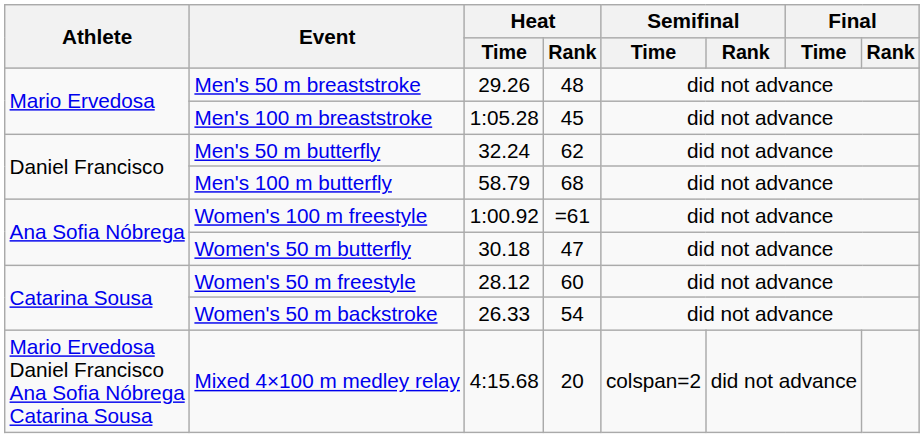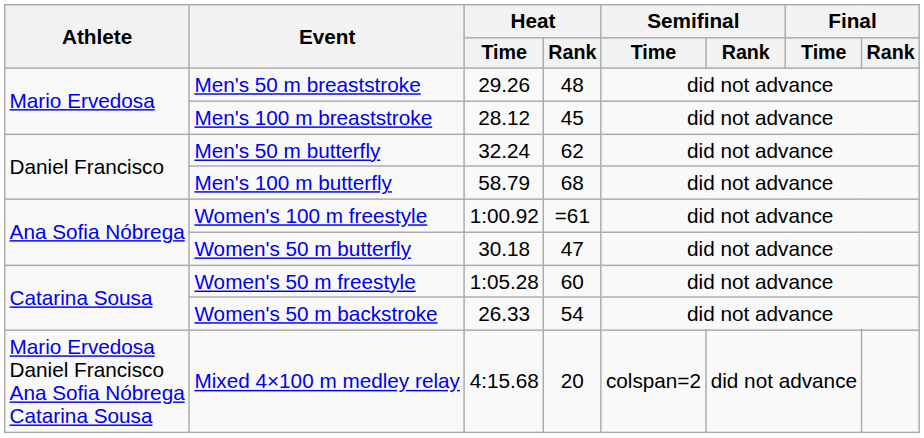 <table class=wikitable style="font-size:90%">
 <tr>
 <th rowspan="2">Athlete</th>
 <th rowspan="2">Event</th>
 <th colspan="2">Heat</th>
 <th colspan="2">Semifinal</th>
 <th colspan="2">Final</th>
 </tr>
 <tr style="font-size:95%">
 <th>Time</th>
 <th>Rank</th>
 <th>Time</th>
 <th>Rank</th>
 <th>Time</th>
 <th>Rank</th>
 </tr>
 <tr align=center>
 <td align=left rowspan=2><a href='#'>Mario Ervedosa</a></td>
 <td align=left><a href='#'>Men's 50 m breaststroke</a></td>
 <td>29.26</td>
 <td>48</td>
 <td colspan=4>did not advance</td>
 </tr>
 <tr align=center>
 <td align=left><a href='#'>Men's 100 m breaststroke</a></td>
-<td>1:05.28</td>
+<td>28.12</td>
 <td>45</td>
 <td colspan=4>did not advance</td>
 </tr>
 <tr align=center>
 <td align=left rowspan=2>Daniel Francisco</td>
 <td align=left><a href='#'>Men's 50 m butterfly</a></td>
 <td>32.24</td>
 <td>62</td>
 <td colspan=4>did not advance</td>
 </tr>
 <tr align=center>
 <td align=left><a href='#'>Men's 100 m butterfly</a></td>
 <td>58.79</td>
 <td>68</td>
 <td colspan=4>did not advance</td>
 </tr>
 <tr align=center>
 <td align=left rowspan=2><a href='#'>Ana Sofia Nóbrega</a></td>
 <td align=left><a href='#'>Women's 100 m freestyle</a></td>
 <td>1:00.92</td>
 <td>=61</td>
 <td colspan=4>did not advance</td>
 </tr>
 <tr align=center>
 <td align=left><a href='#'>Women's 50 m butterfly</a></td>
 <td>30.18</td>
 <td>47</td>
 <td colspan=4>did not advance</td>
 </tr>
 <tr align=center>
 <td align=left rowspan=2><a href='#'>Catarina Sousa</a></td>
 <td align=left><a href='#'>Women's 50 m freestyle</a></td>
-<td>28.12</td>
+<td>1:05.28</td>
 <td>60</td>
 <td colspan=4>did not advance</td>
 </tr>
 <tr align=center>
 <td align=left><a href='#'>Women's 50 m backstroke</a></td>
 <td>26.33</td>
 <td>54</td>
 <td colspan=4>did not advance</td>
 </tr>
 <tr align=center>
 <td align=left><a href='#'>Mario Ervedosa</a><br>Daniel Francisco<br><a href='#'>Ana Sofia Nóbrega</a><br><a href='#'>Catarina Sousa</a></td>
 <td align=left><a href='#'>Mixed 4×100 m medley relay</a></td>
 <td>4:15.68</td>
 <td>20</td>
 <td>colspan=2 </td>
 <td colspan=2>did not advance</td>
 </tr>
 </table>
